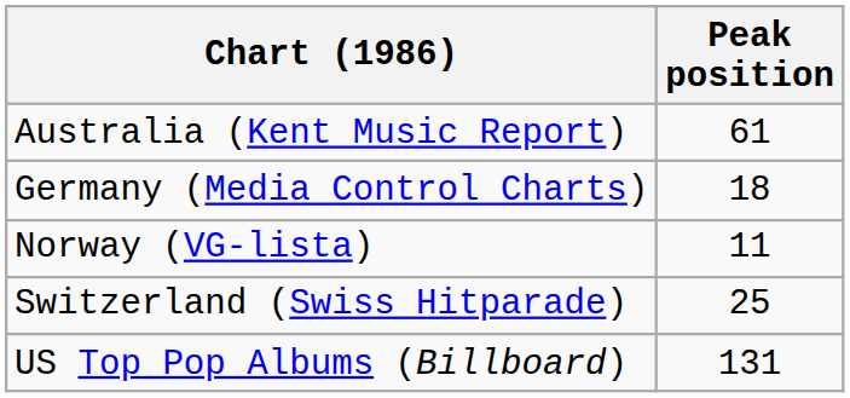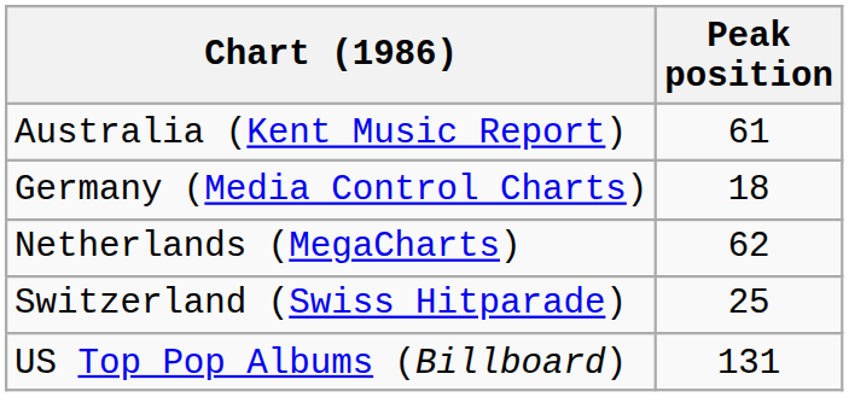 <table class="wikitable">
 <tr>
 <th scope="col">Chart (1986)</th>
 <th>Peak<br>position</th>
 </tr>
 <tr>
 <td>Australia (<a href='#'>Kent Music Report</a>)</td>
 <td style="text-align:center;">61</td>
 </tr>
 <tr>
 <td>Germany (<a href='#'>Media Control Charts</a>)</td>
 <td style="text-align:center;">18</td>
 </tr>
 <tr>
-<td>Norway (<a href='#'>VG-lista</a>)</td>
-<td style="text-align:center;">11</td>
+<td>Netherlands (<a href='#'>MegaCharts</a>)</td>
+<td style="text-align:center;">62</td>
 </tr>
 <tr>
 <td>Switzerland (<a href='#'>Swiss Hitparade</a>)</td>
 <td style="text-align:center;">25</td>
 </tr>
 <tr>
 <td>US <a href='#'>Top Pop Albums</a> (<em>Billboard</em>)</td>
 <td style="text-align:center;">131</td>
 </tr>
 </table>
